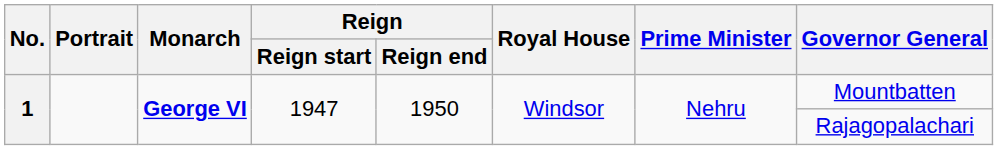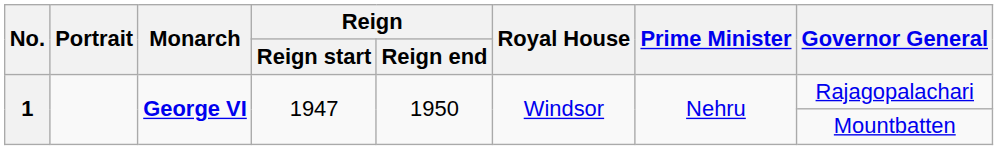 <table class="wikitable" style="text-align:center">
 <tr>
 <th rowspan=2>No.</th>
 <th rowspan=2>Portrait</th>
 <th rowspan=2>Monarch<br></th>
 <th colspan=2>Reign</th>
 <th rowspan=2>Royal House</th>
 <th rowspan=2><a href='#'>Prime Minister</a></th>
 <th rowspan=2><a href='#'>Governor General</a></th>
 </tr>
 <tr>
 <th>Reign start</th>
 <th>Reign end</th>
 </tr>
 <tr>
 <th rowspan=2>1</th>
 <td rowspan=2></td>
 <td rowspan=2><strong><a href='#'>George VI</a></strong><br></td>
 <td rowspan=2> 1947</td>
 <td rowspan=2> 1950</td>
 <td rowspan=2><a href='#'>Windsor</a></td>
 <td rowspan=2><a href='#'>Nehru</a></td>
+<td><a href='#'>Rajagopalachari</a><br></td>
+</tr>
+<tr>
 <td><a href='#'>Mountbatten</a><br></td>
 </tr>
-<tr>
-<td><a href='#'>Rajagopalachari</a><br></td>
-</tr>
 </table>
